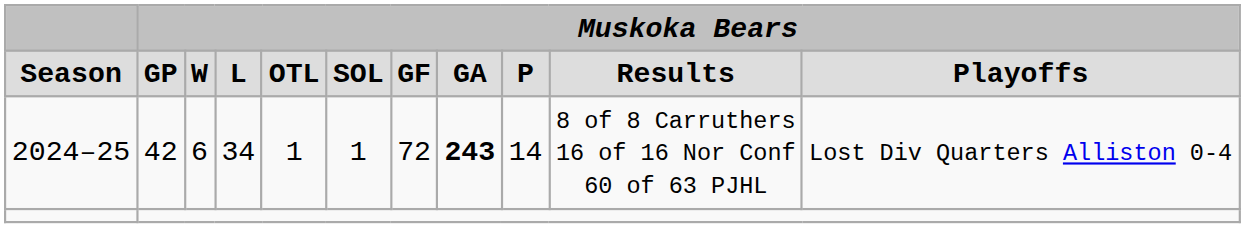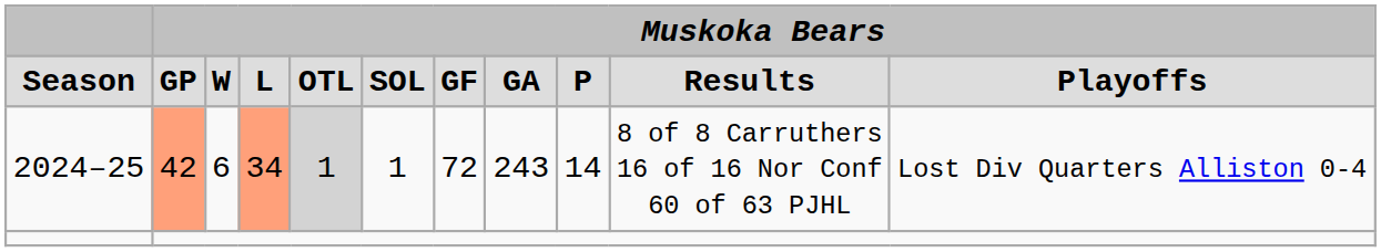 <table class="wikitable" style="text-align:center">
 <tr bgcolor="Silver">
 <td></td>
 <td colspan="11"><strong><em>Muskoka Bears</em></strong></td>
 </tr>
 <tr align="center"  bgcolor="#dddddd">
 <td><strong>Season</strong></td>
 <td><strong>GP</strong></td>
 <td><strong>W</strong></td>
 <td><strong>L</strong></td>
 <td><strong>OTL</strong></td>
 <td><strong>SOL</strong></td>
 <td><strong>GF</strong></td>
 <td><strong>GA</strong></td>
 <td><strong>P</strong></td>
 <td><strong>Results</strong></td>
 <td><strong>Playoffs</strong></td>
 </tr>
 <tr>
 <td>2024–25</td>
-<td>42</td>
+<td style="background: lightsalmon;">42</td>
 <td>6</td>
-<td>34</td>
-<td>1</td>
+<td style="background: lightsalmon;">34</td>
+<td style="background: lightgrey;">1</td>
 <td>1</td>
 <td>72</td>
-<td><strong>243</strong></td>
+<td>243</td>
 <td>14</td>
 <td><small>8 of 8 Carruthers<br> 16 of 16 Nor Conf<br>60 of 63 PJHL</small></td>
 <td><small>Lost Div Quarters <a href='#'>Alliston</a> 0-4</small></td>
 </tr>
 <tr>
 <td></td>
 </tr>
 </table>
